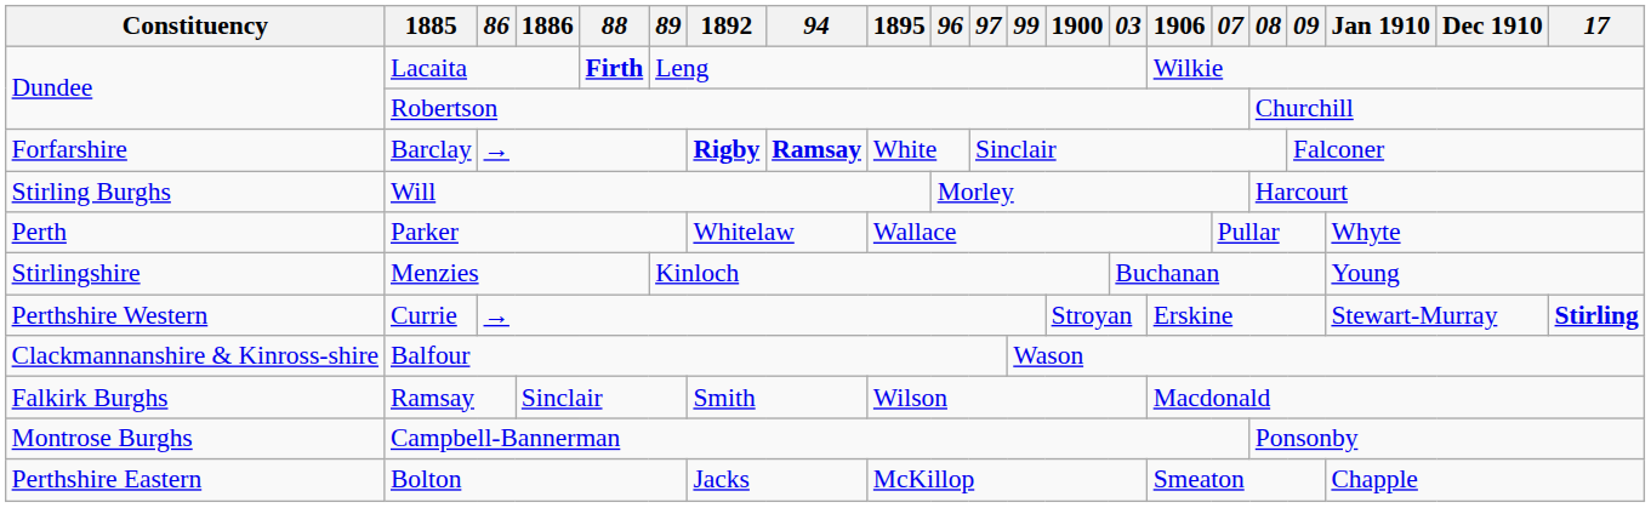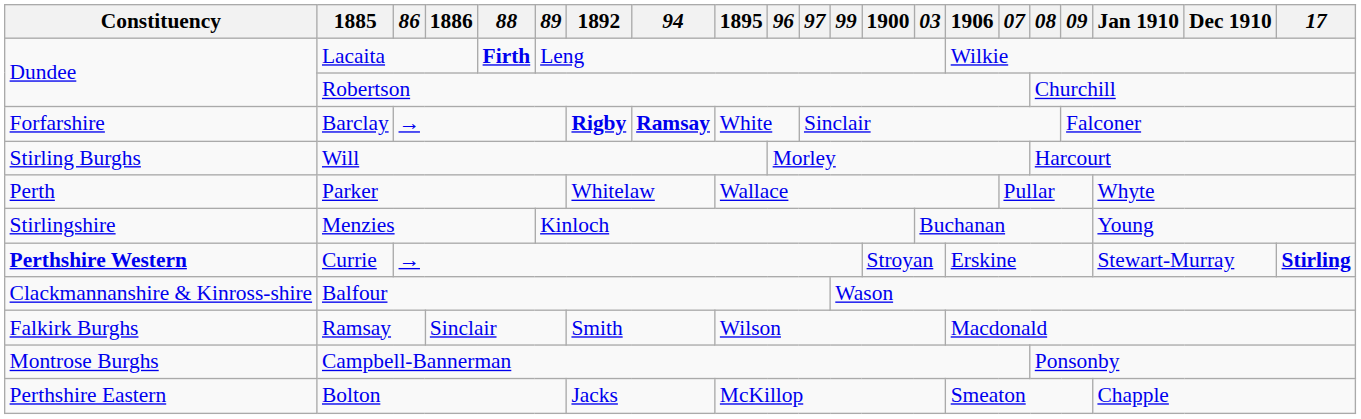 <table class="wikitable">
 <tr>
 <th>Constituency</th>
 <th>1885</th>
 <th><em>86</em></th>
 <th>1886</th>
 <th><em>88</em></th>
 <th><em>89</em></th>
 <th>1892</th>
 <th><em>94</em></th>
 <th>1895</th>
 <th><em>96</em></th>
 <th><em>97</em></th>
 <th><em>99</em></th>
 <th>1900</th>
 <th><em>03</em></th>
 <th>1906</th>
 <th><em>07</em></th>
 <th><em>08</em></th>
 <th><em>09</em></th>
 <th>Jan 1910</th>
 <th>Dec 1910</th>
 <th><em>17</em></th>
 </tr>
 <tr>
 <td rowspan="2"><a href='#'>Dundee</a></td>
 <td colspan="3"><a href='#'>Lacaita</a></td>
 <td><strong><a href='#'>Firth</a></strong></td>
 <td colspan="9"><a href='#'>Leng</a></td>
 <td colspan="7"><a href='#'>Wilkie</a></td>
 </tr>
 <tr>
 <td colspan="15"><a href='#'>Robertson</a></td>
 <td colspan="5"><a href='#'>Churchill</a></td>
 </tr>
 <tr>
 <td><a href='#'>Forfarshire</a></td>
 <td bgcolor=><a href='#'>Barclay</a></td>
 <td colspan="4"><a href='#'>→</a></td>
 <td bgcolor=><strong><a href='#'>Rigby</a></strong></td>
 <td><strong><a href='#'>Ramsay</a></strong></td>
 <td colspan="2"><a href='#'>White</a></td>
 <td colspan="7"><a href='#'>Sinclair</a></td>
 <td colspan="4"><a href='#'>Falconer</a></td>
 </tr>
 <tr>
 <td><a href='#'>Stirling Burghs</a></td>
 <td colspan="8"><a href='#'>Will</a></td>
 <td colspan="7"><a href='#'>Morley</a></td>
 <td colspan="5"><a href='#'>Harcourt</a></td>
 </tr>
 <tr>
 <td><a href='#'>Perth</a></td>
 <td colspan="5"><a href='#'>Parker</a></td>
 <td colspan="2"><a href='#'>Whitelaw</a></td>
 <td colspan="7"><a href='#'>Wallace</a></td>
 <td colspan="3"><a href='#'>Pullar</a></td>
 <td colspan="3"><a href='#'>Whyte</a></td>
 </tr>
 <tr>
 <td><a href='#'>Stirlingshire</a></td>
 <td colspan="4"><a href='#'>Menzies</a></td>
 <td colspan="8"><a href='#'>Kinloch</a></td>
 <td colspan="5"><a href='#'>Buchanan</a></td>
 <td colspan="3"><a href='#'>Young</a></td>
 </tr>
 <tr>
-<td><a href='#'>Perthshire Western</a></td>
+<td><strong><a href='#'>Perthshire Western</a></strong></td>
 <td bgcolor=><a href='#'>Currie</a></td>
 <td colspan="10"><a href='#'>→</a></td>
 <td colspan="2"><a href='#'>Stroyan</a></td>
 <td colspan="4"><a href='#'>Erskine</a></td>
 <td colspan="2"><a href='#'>Stewart-Murray</a></td>
 <td><strong><a href='#'>Stirling</a></strong></td>
 </tr>
 <tr>
 <td><a href='#'>Clackmannanshire & Kinross-shire</a></td>
 <td colspan="10"><a href='#'>Balfour</a></td>
 <td colspan="10"><a href='#'>Wason</a></td>
 </tr>
 <tr>
 <td><a href='#'>Falkirk Burghs</a></td>
 <td colspan="2"><a href='#'>Ramsay</a></td>
 <td colspan="3"><a href='#'>Sinclair</a></td>
 <td colspan="2"><a href='#'>Smith</a></td>
 <td colspan="6"><a href='#'>Wilson</a></td>
 <td colspan="7"><a href='#'>Macdonald</a></td>
 </tr>
 <tr>
 <td><a href='#'>Montrose Burghs</a></td>
 <td colspan="15"><a href='#'>Campbell-Bannerman</a></td>
 <td colspan="5"><a href='#'>Ponsonby</a></td>
 </tr>
 <tr>
 <td><a href='#'>Perthshire Eastern</a></td>
 <td colspan="5"><a href='#'>Bolton</a></td>
 <td colspan="2"><a href='#'>Jacks</a></td>
 <td colspan="6"><a href='#'>McKillop</a></td>
 <td colspan="4"><a href='#'>Smeaton</a></td>
 <td colspan="3"><a href='#'>Chapple</a></td>
 </tr>
 </table>
